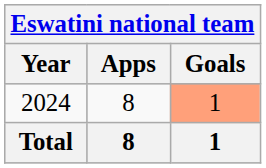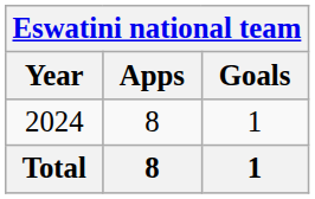 <table class="wikitable" style="text-align:center">
 <tr>
 <th colspan=3><a href='#'>Eswatini national team</a></th>
 </tr>
 <tr>
 <th>Year</th>
 <th>Apps</th>
 <th>Goals</th>
 </tr>
 <tr>
 <td>2024</td>
 <td>8</td>
-<td style="background: lightsalmon;">1</td>
+<td>1</td>
 </tr>
 <tr>
 <th>Total</th>
 <th>8</th>
 <th>1</th>
 </tr>
 </table>
